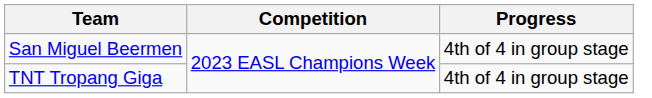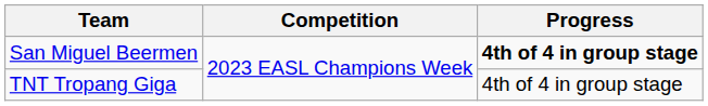 <table class="wikitable sortable">
 <tr>
 <th>Team</th>
 <th>Competition</th>
 <th>Progress</th>
 </tr>
 <tr>
 <td><a href='#'>San Miguel Beermen</a></td>
 <td rowspan="2"><a href='#'>2023 EASL Champions Week</a></td>
-<td>4th of 4 in group stage</td>
+<td><strong>4th of 4 in group stage</strong></td>
 </tr>
 <tr>
 <td><a href='#'>TNT Tropang Giga</a></td>
 <td>4th of 4 in group stage</td>
 </tr>
 </table>
